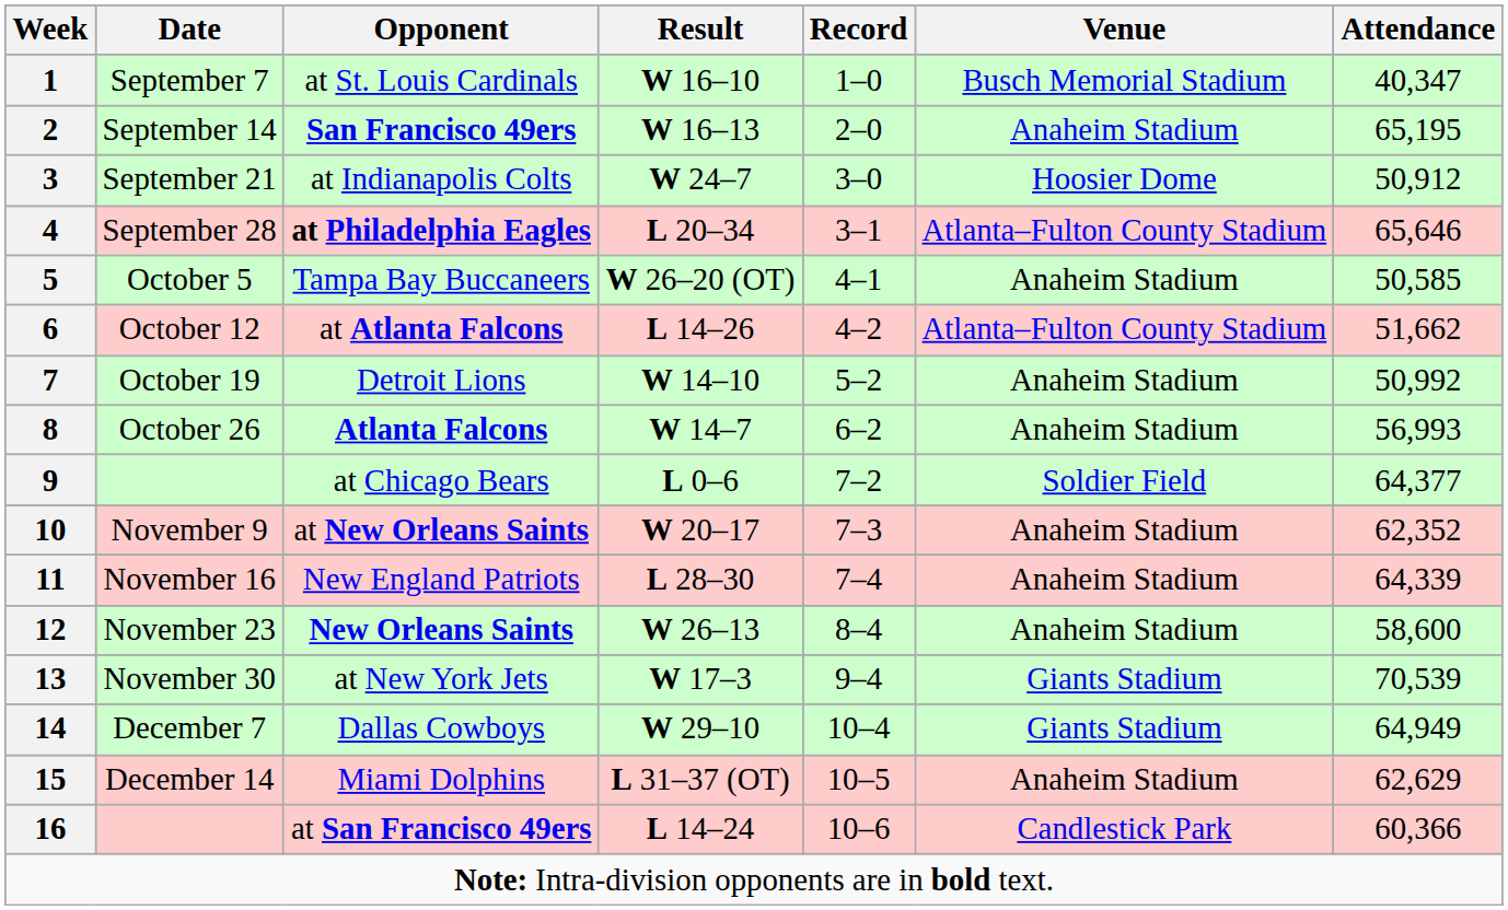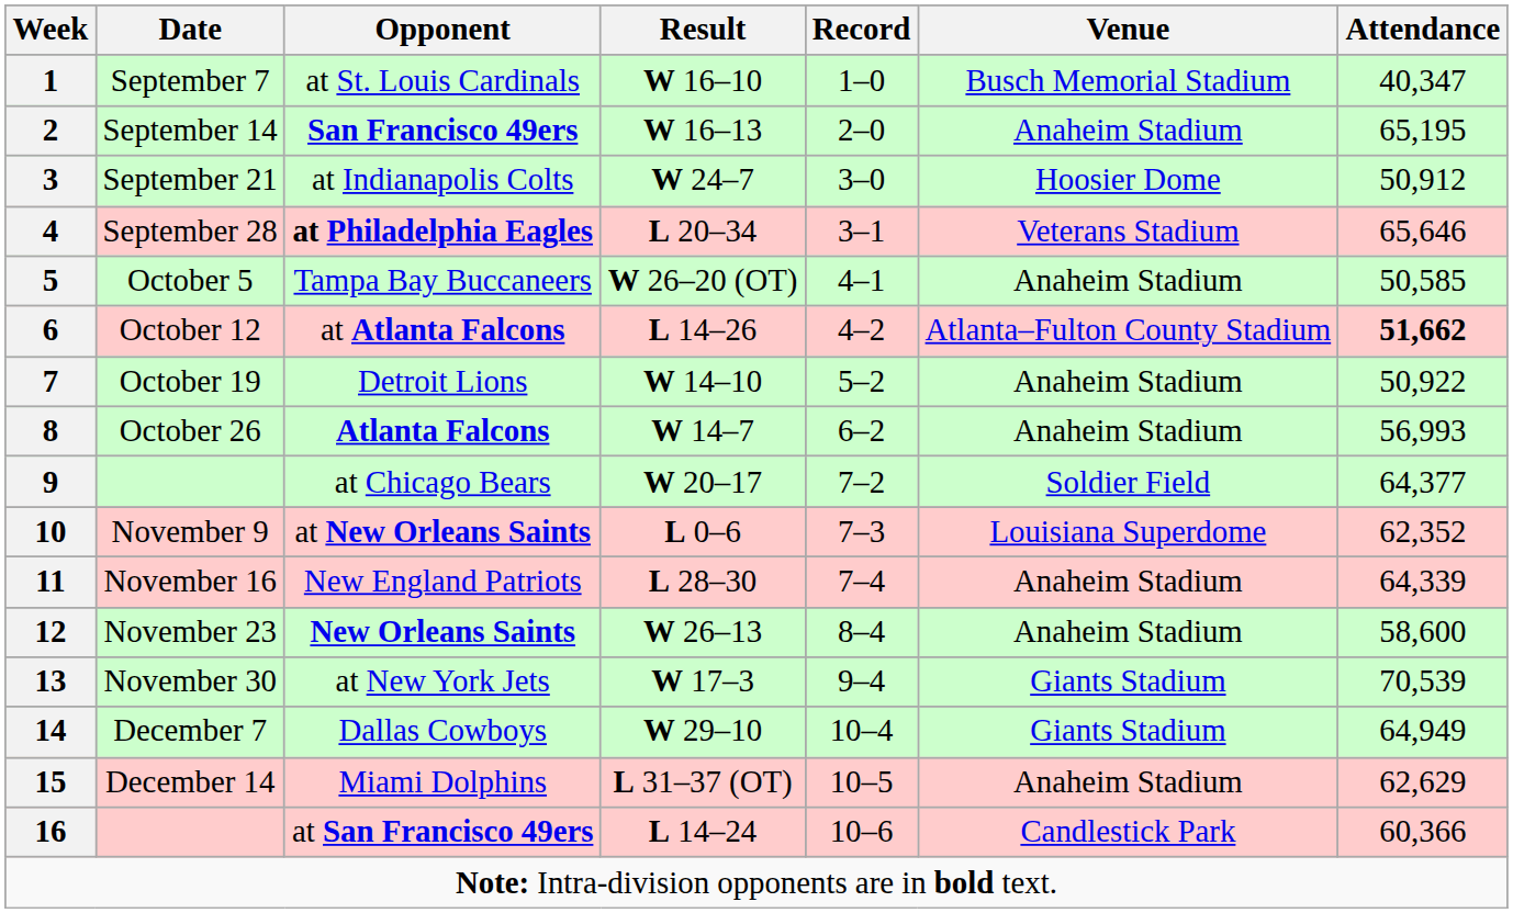 <table class="wikitable" style="text-align:center">
 <tr>
 <th>Week</th>
 <th>Date</th>
 <th>Opponent</th>
 <th>Result</th>
 <th>Record</th>
 <th>Venue</th>
 <th>Attendance</th>
 </tr>
 <tr style="background:#cfc">
 <th>1</th>
 <td>September 7</td>
 <td>at <a href='#'>St. Louis Cardinals</a></td>
 <td><strong>W</strong> 16–10</td>
 <td>1–0</td>
 <td><a href='#'>Busch Memorial Stadium</a></td>
 <td>40,347</td>
 </tr>
 <tr style="background:#cfc">
 <th>2</th>
 <td>September 14</td>
 <td><strong><a href='#'>San Francisco 49ers</a></strong></td>
 <td><strong>W</strong> 16–13</td>
 <td>2–0</td>
 <td><a href='#'>Anaheim Stadium</a></td>
 <td>65,195</td>
 </tr>
 <tr style="background:#cfc">
 <th>3</th>
 <td>September 21</td>
 <td>at <a href='#'>Indianapolis Colts</a></td>
 <td><strong>W</strong> 24–7</td>
 <td>3–0</td>
 <td><a href='#'>Hoosier Dome</a></td>
 <td>50,912</td>
 </tr>
 <tr style="background:#fcc">
 <th>4</th>
 <td>September 28</td>
 <td><strong>at <a href='#'>Philadelphia Eagles</a></strong></td>
 <td><strong>L</strong> 20–34</td>
 <td>3–1</td>
-<td><a href='#'>Atlanta–Fulton County Stadium</a></td>
+<td><a href='#'>Veterans Stadium</a></td>
 <td>65,646</td>
 </tr>
 <tr style="background:#cfc">
 <th>5</th>
 <td>October 5</td>
 <td><a href='#'>Tampa Bay Buccaneers</a></td>
 <td><strong>W</strong> 26–20 (OT)</td>
 <td>4–1</td>
 <td>Anaheim Stadium</td>
 <td>50,585</td>
 </tr>
 <tr style="background:#fcc">
 <th>6</th>
 <td>October 12</td>
 <td>at <strong><a href='#'>Atlanta Falcons</a></strong></td>
 <td><strong>L</strong> 14–26</td>
 <td>4–2</td>
 <td><a href='#'>Atlanta–Fulton County Stadium</a></td>
-<td>51,662</td>
+<td><strong>51,662</strong></td>
 </tr>
 <tr style="background:#cfc">
 <th>7</th>
 <td>October 19</td>
 <td><a href='#'>Detroit Lions</a></td>
 <td><strong>W</strong> 14–10</td>
 <td>5–2</td>
 <td>Anaheim Stadium</td>
-<td>50,992</td>
+<td>50,922</td>
 </tr>
 <tr style="background:#cfc">
 <th>8</th>
 <td>October 26</td>
 <td><strong><a href='#'>Atlanta Falcons</a></strong></td>
 <td><strong>W</strong> 14–7</td>
 <td>6–2</td>
 <td>Anaheim Stadium</td>
 <td>56,993</td>
 </tr>
 <tr style="background:#cfc">
 <th>9</th>
 <td></td>
 <td>at <a href='#'>Chicago Bears</a></td>
-<td><strong>L</strong> 0–6</td>
+<td><strong>W</strong> 20–17</td>
 <td>7–2</td>
 <td><a href='#'>Soldier Field</a></td>
 <td>64,377</td>
 </tr>
 <tr style="background:#fcc">
 <th>10</th>
 <td>November 9</td>
 <td>at <strong><a href='#'>New Orleans Saints</a></strong></td>
-<td><strong>W</strong> 20–17</td>
+<td><strong>L</strong> 0–6</td>
 <td>7–3</td>
-<td>Anaheim Stadium</td>
+<td><a href='#'>Louisiana Superdome</a></td>
 <td>62,352</td>
 </tr>
 <tr style="background:#fcc">
 <th>11</th>
 <td>November 16</td>
 <td><a href='#'>New England Patriots</a></td>
 <td><strong>L</strong> 28–30</td>
 <td>7–4</td>
 <td>Anaheim Stadium</td>
 <td>64,339</td>
 </tr>
 <tr style="background:#cfc">
 <th>12</th>
 <td>November 23</td>
 <td><strong><a href='#'>New Orleans Saints</a></strong></td>
 <td><strong>W</strong> 26–13</td>
 <td>8–4</td>
 <td>Anaheim Stadium</td>
 <td>58,600</td>
 </tr>
 <tr style="background:#cfc">
 <th>13</th>
 <td>November 30</td>
 <td>at <a href='#'>New York Jets</a></td>
 <td><strong>W</strong> 17–3</td>
 <td>9–4</td>
 <td><a href='#'>Giants Stadium</a></td>
 <td>70,539</td>
 </tr>
 <tr style="background:#cfc">
 <th>14</th>
 <td>December 7</td>
 <td><a href='#'>Dallas Cowboys</a></td>
 <td><strong>W</strong> 29–10</td>
 <td>10–4</td>
 <td><a href='#'>Giants Stadium</a></td>
 <td>64,949</td>
 </tr>
 <tr style="background:#fcc">
 <th>15</th>
 <td>December 14</td>
 <td><a href='#'>Miami Dolphins</a></td>
 <td><strong>L</strong> 31–37 (OT)</td>
 <td>10–5</td>
 <td>Anaheim Stadium</td>
 <td>62,629</td>
 </tr>
 <tr style="background:#fcc">
 <th>16</th>
 <td></td>
 <td>at <strong><a href='#'>San Francisco 49ers</a></strong></td>
 <td><strong>L</strong> 14–24</td>
 <td>10–6</td>
 <td><a href='#'>Candlestick Park</a></td>
 <td>60,366</td>
 </tr>
 <tr>
 <td colspan="8"><strong>Note:</strong> Intra-division opponents are in <strong>bold</strong> text.</td>
 </tr>
 </table>
